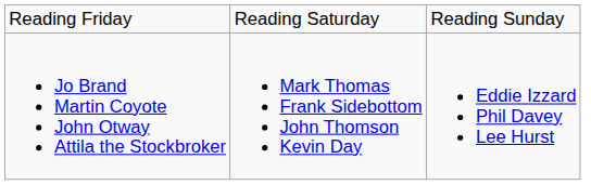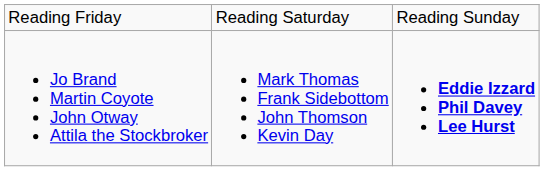 <table class="wikitable">
 <tr>
 <td>Reading Friday</td>
 <td>Reading Saturday</td>
 <td>Reading Sunday</td>
 </tr>
 <tr>
 <td><br><ul><li><a href='#'>Jo Brand</a></li><li><a href='#'>Martin Coyote</a></li><li><a href='#'>John Otway</a></li><li><a href='#'>Attila the Stockbroker</a></li></ul></td>
 <td><br><ul><li><a href='#'>Mark Thomas</a></li><li><a href='#'>Frank Sidebottom</a></li><li><a href='#'>John Thomson</a></li><li><a href='#'>Kevin Day</a></li></ul></td>
-<td><br><ul><li><a href='#'>Eddie Izzard</a></li><li><a href='#'>Phil Davey</a></li><li><a href='#'>Lee Hurst</a></li></ul></td>
+<td><strong><br><ul><li><a href='#'>Eddie Izzard</a></li><li><a href='#'>Phil Davey</a></li><li><a href='#'>Lee Hurst</a></li></ul></strong></td>
 </tr>
 </table>
